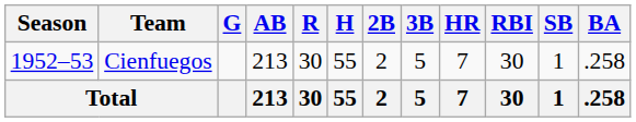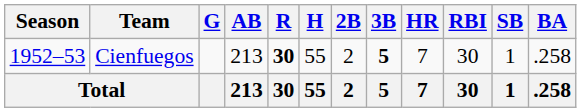 <table class="wikitable sortable" style="text-align:center">
 <tr>
 <th>Season</th>
 <th>Team</th>
 <th><a href='#'>G</a></th>
 <th><a href='#'>AB</a></th>
 <th><a href='#'>R</a></th>
 <th><a href='#'>H</a></th>
 <th><a href='#'>2B</a></th>
 <th><a href='#'>3B</a></th>
 <th><a href='#'>HR</a></th>
 <th><a href='#'>RBI</a></th>
 <th><a href='#'>SB</a></th>
 <th><a href='#'>BA</a></th>
 </tr>
 <tr>
 <td><a href='#'>1952–53</a></td>
 <td><a href='#'>Cienfuegos</a></td>
 <td></td>
 <td>213</td>
-<td>30</td>
+<td><strong>30</strong></td>
 <td>55</td>
 <td>2</td>
-<td>5</td>
+<td><strong>5</strong></td>
 <td>7</td>
 <td>30</td>
 <td>1</td>
 <td>.258</td>
 </tr>
 <tr>
 <th colspan=2>Total</th>
 <th></th>
 <th>213</th>
 <th>30</th>
 <th>55</th>
 <th>2</th>
 <th>5</th>
 <th>7</th>
 <th>30</th>
 <th>1</th>
 <th>.258</th>
 </tr>
 </table>
